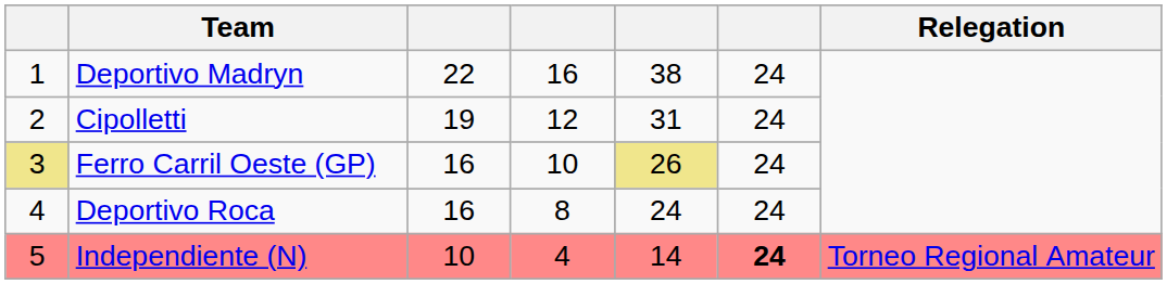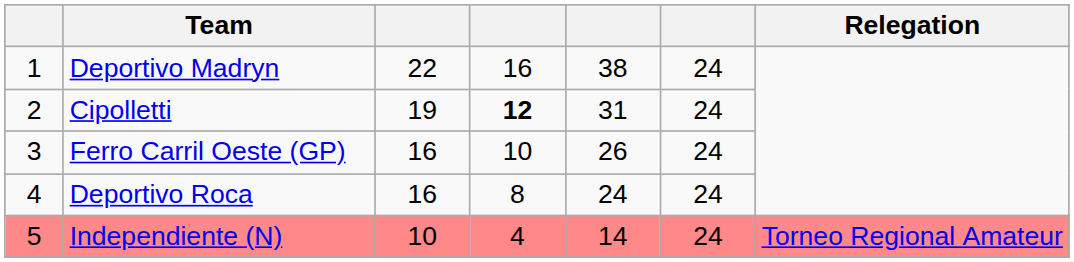 <table class="wikitable" style="text-align: center;">
 <tr>
 <th width=28><br></th>
 <th width=180>Team</th>
 <th width=50></th>
 <th width=50></th>
 <th width=50></th>
 <th width=50></th>
 <th width=120>Relegation</th>
 </tr>
 <tr>
 <td>1</td>
 <td align="left"><a href='#'>Deportivo Madryn</a></td>
 <td>22</td>
 <td>16</td>
 <td>38</td>
 <td>24</td>
 <td rowspan=4></td>
 </tr>
 <tr>
 <td>2</td>
 <td align="left"><a href='#'>Cipolletti</a></td>
 <td>19</td>
-<td>12</td>
+<td><strong>12</strong></td>
 <td>31</td>
 <td>24</td>
 </tr>
 <tr>
-<td style="background: khaki;">3</td>
+<td>3</td>
 <td align="left"><a href='#'>Ferro Carril Oeste (GP)</a></td>
 <td>16</td>
 <td>10</td>
-<td style="background: khaki;">26</td>
+<td>26</td>
 <td>24</td>
 </tr>
 <tr>
 <td>4</td>
 <td align="left"><a href='#'>Deportivo Roca</a></td>
 <td>16</td>
 <td>8</td>
 <td>24</td>
 <td>24</td>
 </tr>
 <tr bgcolor=#FF8888>
 <td>5</td>
 <td align="left"><a href='#'>Independiente (N)</a></td>
 <td>10</td>
 <td>4</td>
 <td>14</td>
-<td><strong>24</strong></td>
+<td>24</td>
 <td><a href='#'>Torneo Regional Amateur</a></td>
 </tr>
 </table>
